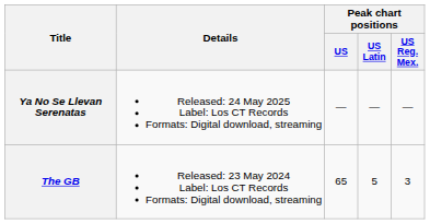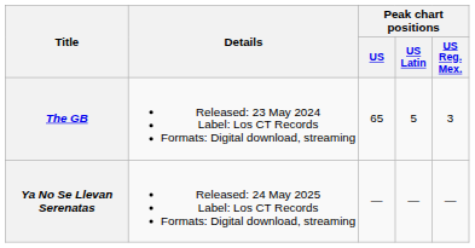 <table class="wikitable plainrowheaders" style="text-align:center">
 <tr>
 <th scope="col" rowspan="2" style="width:10em;">Title</th>
 <th scope="col" rowspan="2">Details</th>
 <th scope="col" colspan="3">Peak chart positions</th>
 </tr>
 <tr>
 <th scope="col" style="width:3em; font-size:90%"><a href='#'>US</a></th>
 <th scope="col" style="width:3em; font-size:90%"><a href='#'>US<br>Latin</a></th>
 <th scope="col" style="width:3em; font-size:90%"><a href='#'>US<br>Reg.<br>Mex.</a></th>
 </tr>
 <tr>
+<th scope="row"><em><a href='#'>The GB</a></em></th>
+<td><br><ul><li>Released: 23 May 2024</li><li>Label: Los CT Records</li><li>Formats: Digital download, streaming</li></ul></td>
+<td>65</td>
+<td>5</td>
+<td>3</td>
+</tr>
+<tr>
 <th scope="row"><em>Ya No Se Llevan Serenatas</em></th>
 <td><br><ul><li>Released: 24 May 2025</li><li>Label: Los CT Records</li><li>Formats: Digital download, streaming</li></ul></td>
 <td>—</td>
 <td>—</td>
 <td>—</td>
 </tr>
-<tr>
-<th scope="row"><em><a href='#'>The GB</a></em></th>
-<td><br><ul><li>Released: 23 May 2024</li><li>Label: Los CT Records</li><li>Formats: Digital download, streaming</li></ul></td>
-<td>65</td>
-<td>5</td>
-<td>3</td>
-</tr>
 </table>
